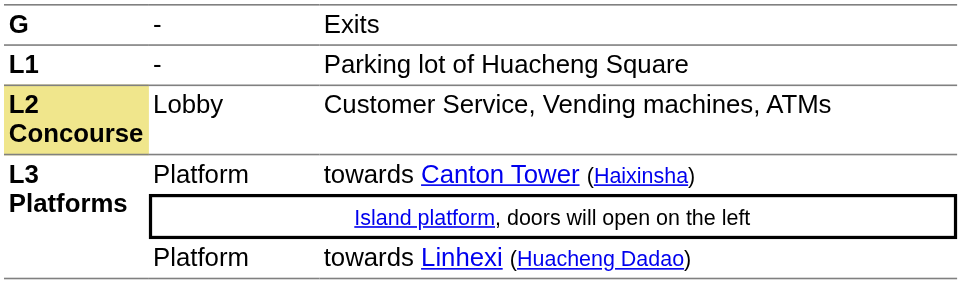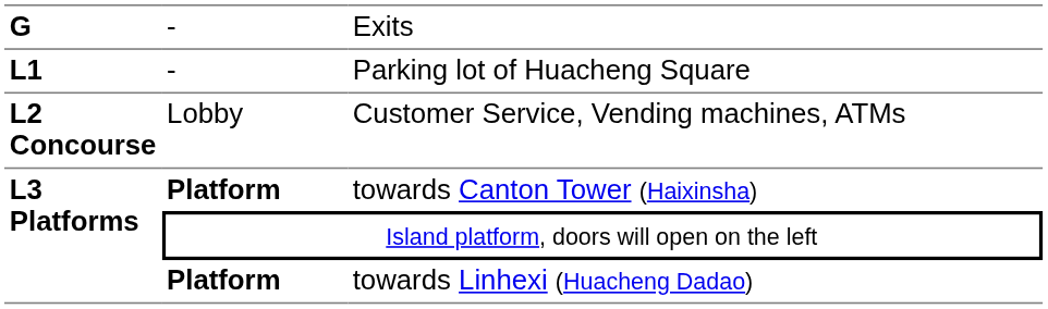 <table table border=0 cellspacing=0 cellpadding=3>
 <tr>
 <td style="border-top:solid 1px gray;" width=50 valign=top><strong>G</strong></td>
 <td style="border-top:solid 1px gray;" width=100 valign=top>-</td>
 <td style="border-top:solid 1px gray;" width=390 valign=top>Exits</td>
 </tr>
 <tr>
 <td style="border-top:solid 1px gray;" width=50 valign=top><strong>L1</strong></td>
 <td style="border-top:solid 1px gray;" width=100 valign=top>-</td>
 <td style="border-top:solid 1px gray;" width=390 valign=top>Parking lot of Huacheng Square</td>
 </tr>
 <tr>
-<td style="background: khaki; border-bottom:solid 1px gray; border-top:solid 1px gray;" valign=top width=50><strong>L2<br>Concourse</strong></td>
+<td style="border-bottom:solid 1px gray; border-top:solid 1px gray;" valign=top width=50><strong>L2<br>Concourse</strong></td>
 <td style="border-bottom:solid 1px gray; border-top:solid 1px gray;" valign=top width=100>Lobby</td>
 <td style="border-bottom:solid 1px gray; border-top:solid 1px gray;" valign=top width=390>Customer Service, Vending machines, ATMs</td>
 </tr>
 <tr>
 <td style="border-bottom:solid 1px gray;" width=50 valign=top rowspan=3><strong>L3<br>Platforms</strong></td>
-<td>Platform </td>
+<td><strong>Platform </strong></td>
 <td>  towards <a href='#'>Canton Tower</a> <small>(<a href='#'>Haixinsha</a>)</small></td>
 </tr>
 <tr>
 <td style="border-right:solid 2px black;border-left:solid 2px black;border-top:solid 2px black;border-bottom:solid 2px black;text-align:center;" colspan=2><small><a href='#'>Island platform</a>, doors will open on the left</small></td>
 </tr>
 <tr>
-<td style="border-bottom:solid 1px gray;">Platform </td>
+<td style="border-bottom:solid 1px gray;"><strong>Platform </strong></td>
 <td style="border-bottom:solid 1px gray;"> towards <a href='#'>Linhexi</a> <small>(<a href='#'>Huacheng Dadao</a>)</small> </td>
 </tr>
 </table>
